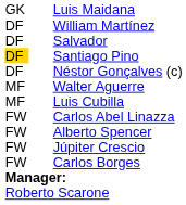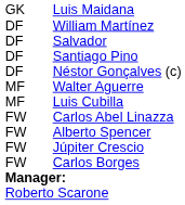 <table style="font-size:90%; margin:0.2em auto;" cellspacing="0" cellpadding="0">
 <tr>
 <th width="25"></th>
 <th width="25"></th>
 </tr>
 <tr>
 <td>GK</td>
 <td></td>
 <td> <a href='#'>Luis Maidana</a></td>
 </tr>
 <tr>
 <td>DF</td>
 <td></td>
 <td> <a href='#'>William Martínez</a></td>
 </tr>
 <tr>
 <td>DF</td>
 <td></td>
 <td> <a href='#'>Salvador</a></td>
 </tr>
 <tr>
-<td style="background: gold;">DF</td>
+<td>DF</td>
 <td></td>
 <td> <a href='#'>Santiago Pino</a></td>
 </tr>
 <tr>
 <td>DF</td>
 <td></td>
 <td> <a href='#'>Néstor Gonçalves</a> (c)</td>
 </tr>
 <tr>
 <td>MF</td>
 <td></td>
 <td> <a href='#'>Walter Aguerre</a></td>
 </tr>
 <tr>
 <td>MF</td>
 <td></td>
 <td> <a href='#'>Luis Cubilla</a></td>
 </tr>
 <tr>
 <td>FW</td>
 <td></td>
 <td> <a href='#'>Carlos Abel Linazza</a></td>
 </tr>
 <tr>
 <td>FW</td>
 <td></td>
 <td> <a href='#'>Alberto Spencer</a></td>
 </tr>
 <tr>
 <td>FW</td>
 <td></td>
 <td> <a href='#'>Júpiter Crescio</a></td>
 </tr>
 <tr>
 <td>FW</td>
 <td></td>
 <td> <a href='#'>Carlos Borges</a></td>
 </tr>
 <tr>
 <td colspan=3><strong>Manager:</strong></td>
 </tr>
 <tr>
 <td colspan=4> <a href='#'>Roberto Scarone</a></td>
 </tr>
 </table>
